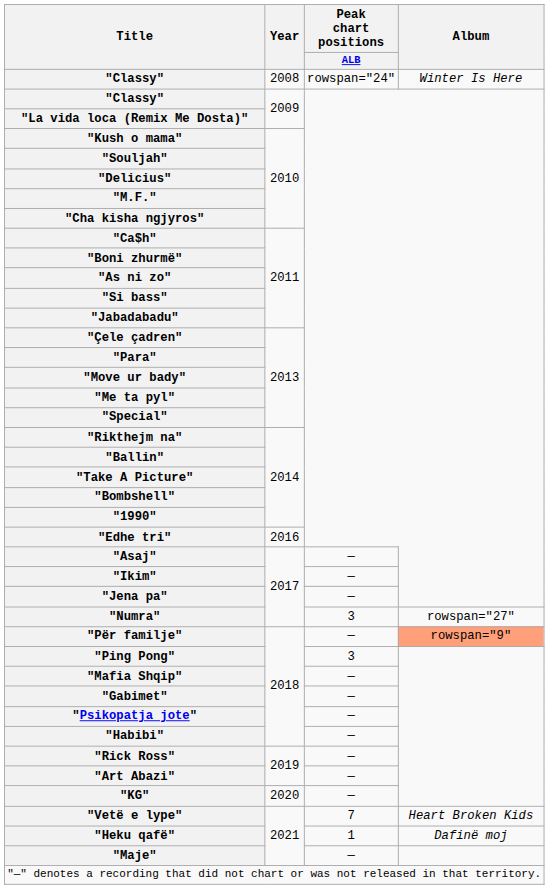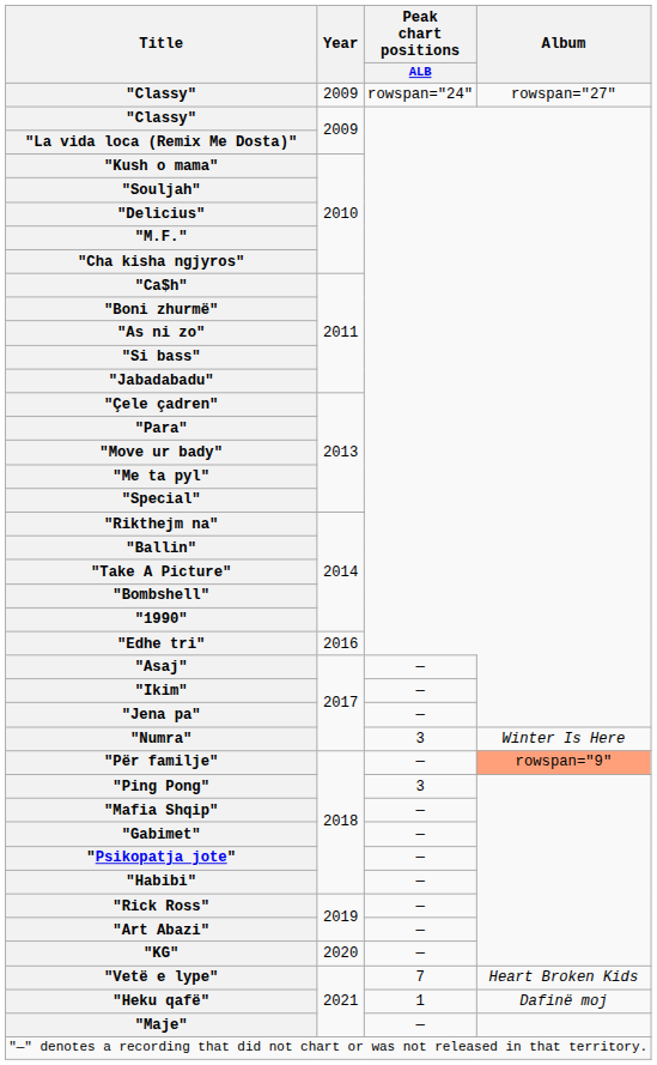 <table class="wikitable plainrowheaders" style="text-align:center;">
 <tr>
 <th scope="col" rowspan="2">Title</th>
 <th scope="col" rowspan="2">Year</th>
 <th scope="col" colspan="1">Peak<br>chart<br>positions</th>
 <th scope="col" rowspan="2">Album</th>
 </tr>
 <tr>
 <th style="width:3em; font-size:85%;"><a href='#'>ALB</a><br></th>
 </tr>
 <tr>
 <th scope="row">"Classy"<br></th>
-<td>2008</td>
+<td>2009</td>
 <td>rowspan="24" </td>
-<td><em>Winter Is Here</em></td>
+<td>rowspan="27" </td>
 </tr>
 <tr>
 <th scope="row">"Classy"<br></th>
 <td rowspan="2">2009</td>
 </tr>
 <tr>
 <th scope="row">"La vida loca (Remix Me Dosta)"<br></th>
 </tr>
 <tr>
 <th scope="row">"Kush o mama"<br></th>
 <td rowspan="5">2010</td>
 </tr>
 <tr>
 <th scope="row">"Souljah"<br></th>
 </tr>
 <tr>
 <th scope="row">"Delicius"<br></th>
 </tr>
 <tr>
 <th scope="row">"M.F."<br></th>
 </tr>
 <tr>
 <th scope="row">"Cha kisha ngjyros"<br></th>
 </tr>
 <tr>
 <th scope="row">"Ca$h"<br></th>
 <td rowspan="5">2011</td>
 </tr>
 <tr>
 <th scope="row">"Boni zhurmë"<br></th>
 </tr>
 <tr>
 <th scope="row">"As ni zo"<br></th>
 </tr>
 <tr>
 <th scope="row">"Si bass"<br></th>
 </tr>
 <tr>
 <th scope="row">"Jabadabadu"<br></th>
 </tr>
 <tr>
 <th scope="row">"Çele çadren"<br></th>
 <td rowspan="5">2013</td>
 </tr>
 <tr>
 <th scope="row">"Para"<br></th>
 </tr>
 <tr>
 <th scope="row">"Move ur bady"<br></th>
 </tr>
 <tr>
 <th scope="row">"Me ta pyl"<br></th>
 </tr>
 <tr>
 <th scope="row">"Special"<br></th>
 </tr>
 <tr>
 <th scope="row">"Rikthejm na"<br></th>
 <td rowspan="5">2014</td>
 </tr>
 <tr>
 <th scope="row">"Ballin"<br></th>
 </tr>
 <tr>
 <th scope="row">"Take A Picture"<br></th>
 </tr>
 <tr>
 <th scope="row">"Bombshell"<br></th>
 </tr>
 <tr>
 <th scope="row">"1990"<br></th>
 </tr>
 <tr>
 <th scope="row">"Edhe tri"<br></th>
 <td>2016</td>
 </tr>
 <tr>
 <th scope="row">"Asaj"<br></th>
 <td rowspan="4">2017</td>
 <td>—</td>
 </tr>
 <tr>
 <th scope="row">"Ikim"<br></th>
 <td>—</td>
 </tr>
 <tr>
 <th scope="row">"Jena pa"<br></th>
 <td>—</td>
 </tr>
 <tr>
 <th scope="row">"Numra"<br></th>
 <td>3</td>
-<td>rowspan="27" </td>
+<td><em>Winter Is Here</em></td>
 </tr>
 <tr>
 <th scope="row">"Për familje"<br></th>
 <td rowspan="6">2018</td>
 <td>—</td>
 <td style="background: lightsalmon;">rowspan="9" </td>
 </tr>
 <tr>
 <th scope="row">"Ping Pong"<br></th>
 <td>3</td>
 </tr>
 <tr>
 <th scope="row">"Mafia Shqip"<br></th>
 <td>—</td>
 </tr>
 <tr>
 <th scope="row">"Gabimet"<br></th>
 <td>—</td>
 </tr>
 <tr>
 <th scope="row">"<a href='#'>Psikopatja jote</a>"<br></th>
 <td>—</td>
 </tr>
 <tr>
 <th scope="row">"Habibi"<br></th>
 <td>—</td>
 </tr>
 <tr>
 <th scope="row">"Rick Ross"<br></th>
 <td rowspan="2">2019</td>
 <td>—</td>
 </tr>
 <tr>
 <th scope="row">"Art Abazi"<br></th>
 <td>—</td>
 </tr>
 <tr>
 <th scope="row">"KG"<br></th>
 <td>2020</td>
 <td>—</td>
 </tr>
 <tr>
 <th scope="row">"Vetë e lype"<br></th>
 <td rowspan="3">2021</td>
 <td>7</td>
 <td><em>Heart Broken Kids</em></td>
 </tr>
 <tr>
 <th scope="row">"Heku qafë"<br></th>
 <td>1</td>
 <td><em>Dafinë moj</em></td>
 </tr>
 <tr>
 <th scope="row">"Maje"<br></th>
 <td>—</td>
 <td></td>
 </tr>
 <tr>
 <td colspan="11" style="font-size:90%">"—" denotes a recording that did not chart or was not released in that territory.</td>
 </tr>
 </table>
